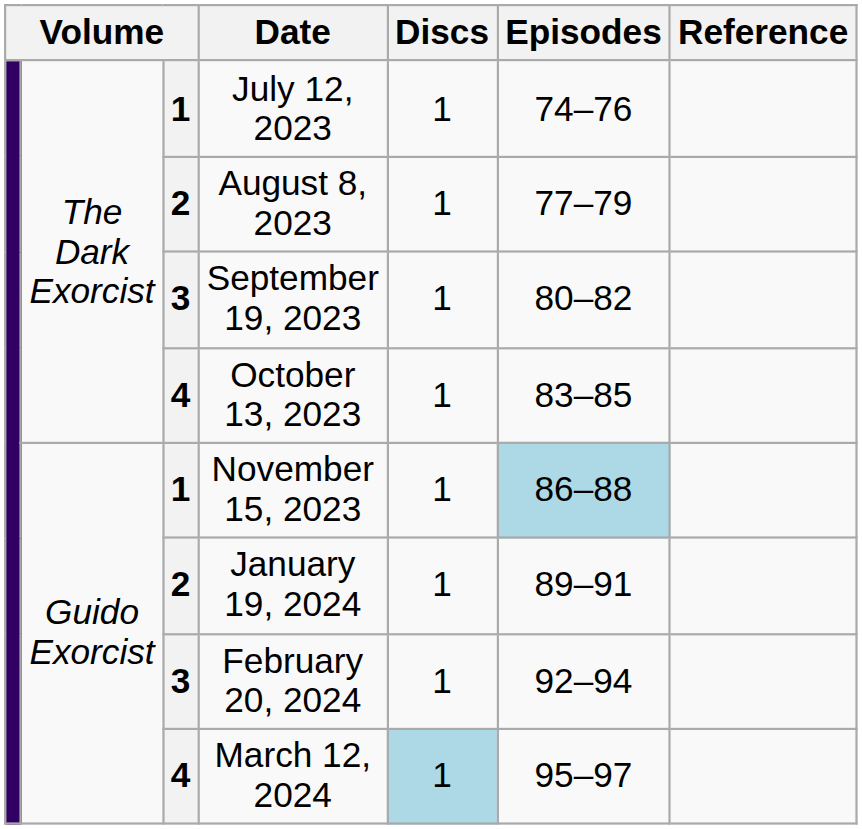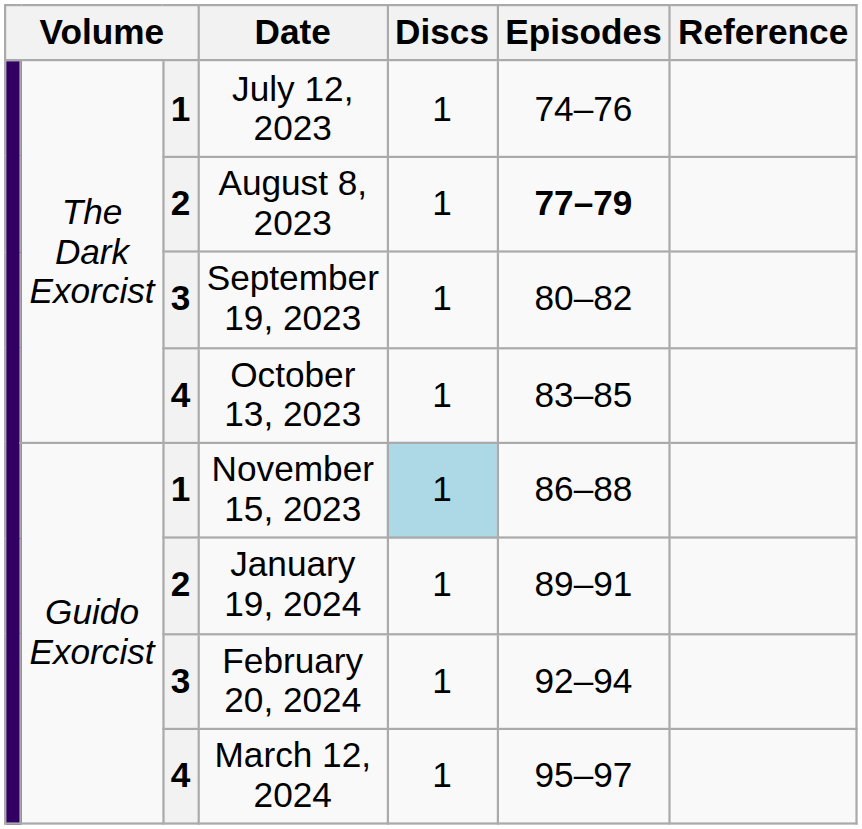 <table class="wikitable" style="text-align: center; width: 60%;">
 <tr>
 <th colspan="3" scope="col" 175px;>Volume</th>
 <th scope="col" 125px;>Date</th>
 <th scope="col">Discs</th>
 <th scope="col">Episodes</th>
 <th scope="col">Reference</th>
 </tr>
 <tr>
 <td rowspan="8" width="1%" style="background: #310062;"></td>
 <td rowspan="4"><em>The Dark Exorcist</em></td>
 <th scope="row">1</th>
 <td>July 12, 2023</td>
 <td>1</td>
 <td>74–76</td>
 <td></td>
 </tr>
 <tr>
 <th scope="row">2</th>
 <td>August 8, 2023</td>
 <td>1</td>
-<td>77–79</td>
+<td><strong>77–79</strong></td>
 <td></td>
 </tr>
 <tr>
 <th scope="row">3</th>
 <td>September 19, 2023</td>
 <td>1</td>
 <td>80–82</td>
 <td></td>
 </tr>
 <tr>
 <th scope="row">4</th>
 <td>October 13, 2023</td>
 <td>1</td>
 <td>83–85</td>
 <td></td>
 </tr>
 <tr>
 <td rowspan="4"><em>Guido Exorcist</em></td>
 <th scope="row">1</th>
 <td>November 15, 2023</td>
-<td>1</td>
-<td style="background: lightblue;">86–88</td>
+<td style="background: lightblue;">1</td>
+<td>86–88</td>
 <td></td>
 </tr>
 <tr>
 <th scope="row">2</th>
 <td>January 19, 2024</td>
 <td>1</td>
 <td>89–91</td>
 <td></td>
 </tr>
 <tr>
 <th scope="row">3</th>
 <td>February 20, 2024</td>
 <td>1</td>
 <td>92–94</td>
 <td></td>
 </tr>
 <tr>
 <th scope="row">4</th>
 <td>March 12, 2024</td>
-<td style="background: lightblue;">1</td>
+<td>1</td>
 <td>95–97</td>
 <td></td>
 </tr>
 </table>
